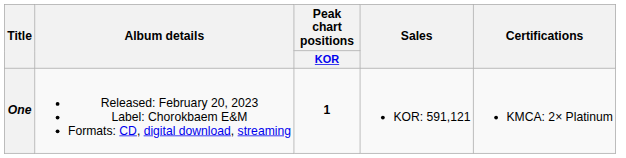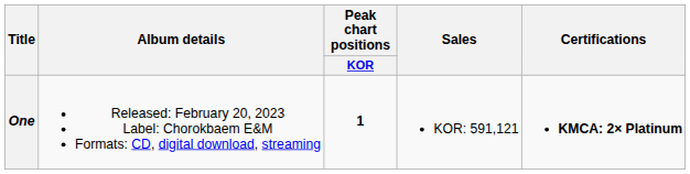 <table class="wikitable plainrowheaders" style="text-align:center;">
 <tr>
 <th scope="col" rowspan="2">Title</th>
 <th scope="col" rowspan="2">Album details</th>
 <th scope="col" style="width:5em;">Peak chart positions</th>
 <th scope="col" rowspan="2">Sales</th>
 <th scope="col" rowspan="2">Certifications</th>
 </tr>
 <tr>
 <th scope="col" style="width:3em;font-size:90%;"><a href='#'>KOR</a><br></th>
 </tr>
 <tr>
 <th scope="row"><em>One</em></th>
 <td><br><ul><li>Released: February 20, 2023</li><li>Label: Chorokbaem E&M</li><li>Formats: <a href='#'>CD</a>, <a href='#'>digital download</a>, <a href='#'>streaming</a></li></ul></td>
 <td><strong>1</strong></td>
 <td><br><ul><li>KOR: 591,121</li></ul></td>
-<td><br><ul><li>KMCA: 2× Platinum</li></ul></td>
+<td><strong><br><ul><li>KMCA: 2× Platinum</li></ul></strong></td>
 </tr>
 </table>
